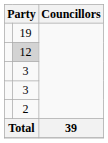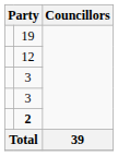 <table class="wikitable">
 <tr>
 <th colspan=2>Party</th>
 <th>Councillors</th>
 </tr>
 <tr>
 <td></td>
 <td align=center>19</td>
 </tr>
 <tr>
 <td></td>
-<td align=center style="background: lightgrey;">12</td>
+<td align=center>12</td>
 </tr>
 <tr>
 <td></td>
 <td align=center>3</td>
 </tr>
 <tr>
 <td></td>
 <td align=center>3</td>
 </tr>
 <tr>
 <td></td>
-<td align=center>2</td>
+<td align=center><strong>2</strong></td>
 </tr>
 <tr>
 <th colspan=2>Total</th>
 <th>39</th>
 </tr>
 <tr>
 </tr>
 </table>
